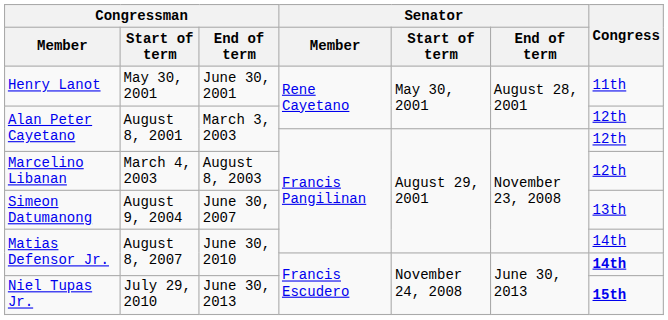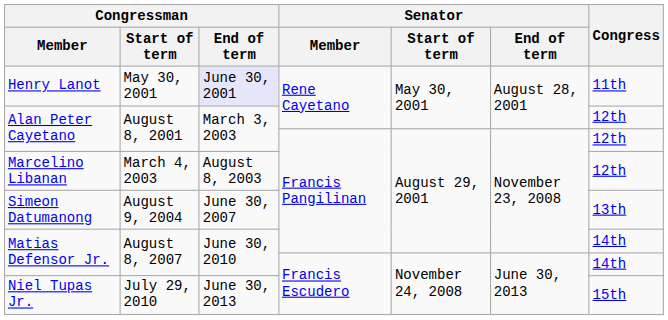 <table class="wikitable">
 <tr>
 <th colspan="3">Congressman</th>
 <th colspan="3">Senator</th>
 <th rowspan="2">Congress</th>
 </tr>
 <tr>
 <th>Member</th>
 <th>Start of term</th>
 <th>End of term</th>
 <th>Member</th>
 <th>Start of term</th>
 <th>End of term</th>
 </tr>
 <tr>
 <td><a href='#'>Henry Lanot</a></td>
 <td>May 30, 2001</td>
-<td>June 30, 2001</td>
+<td style="background: lavender;">June 30, 2001</td>
 <td rowspan="2"><a href='#'>Rene Cayetano</a></td>
 <td rowspan="2">May 30, 2001</td>
 <td rowspan="2">August 28, 2001</td>
 <td><a href='#'>11th</a></td>
 </tr>
 <tr>
 <td rowspan="2"><a href='#'>Alan Peter Cayetano</a></td>
 <td rowspan="2">August 8, 2001</td>
 <td rowspan="2">March 3, 2003</td>
 <td><a href='#'>12th</a></td>
 </tr>
 <tr>
 <td rowspan="4"><a href='#'>Francis Pangilinan</a></td>
 <td rowspan="4">August 29, 2001</td>
 <td rowspan="4">November 23, 2008</td>
 <td><a href='#'>12th</a></td>
 </tr>
 <tr>
 <td><a href='#'>Marcelino Libanan</a></td>
 <td>March 4, 2003</td>
 <td>August 8, 2003</td>
 <td><a href='#'>12th</a></td>
 </tr>
 <tr>
 <td><a href='#'>Simeon Datumanong</a></td>
 <td>August 9, 2004</td>
 <td>June 30, 2007</td>
 <td><a href='#'>13th</a></td>
 </tr>
 <tr>
 <td rowspan="2"><a href='#'>Matias Defensor Jr.</a></td>
 <td rowspan="2">August 8, 2007</td>
 <td rowspan="2">June 30, 2010</td>
 <td><a href='#'>14th</a></td>
 </tr>
 <tr>
 <td rowspan="2"><a href='#'>Francis Escudero</a></td>
 <td rowspan="2">November 24, 2008</td>
 <td rowspan="2">June 30, 2013</td>
-<td><strong><a href='#'>14th</a></strong></td>
+<td><a href='#'>14th</a></td>
 </tr>
 <tr>
 <td><a href='#'>Niel Tupas Jr.</a></td>
 <td>July 29, 2010</td>
 <td>June 30, 2013</td>
-<td><strong><a href='#'>15th</a></strong></td>
+<td><a href='#'>15th</a></td>
 </tr>
 </table>
